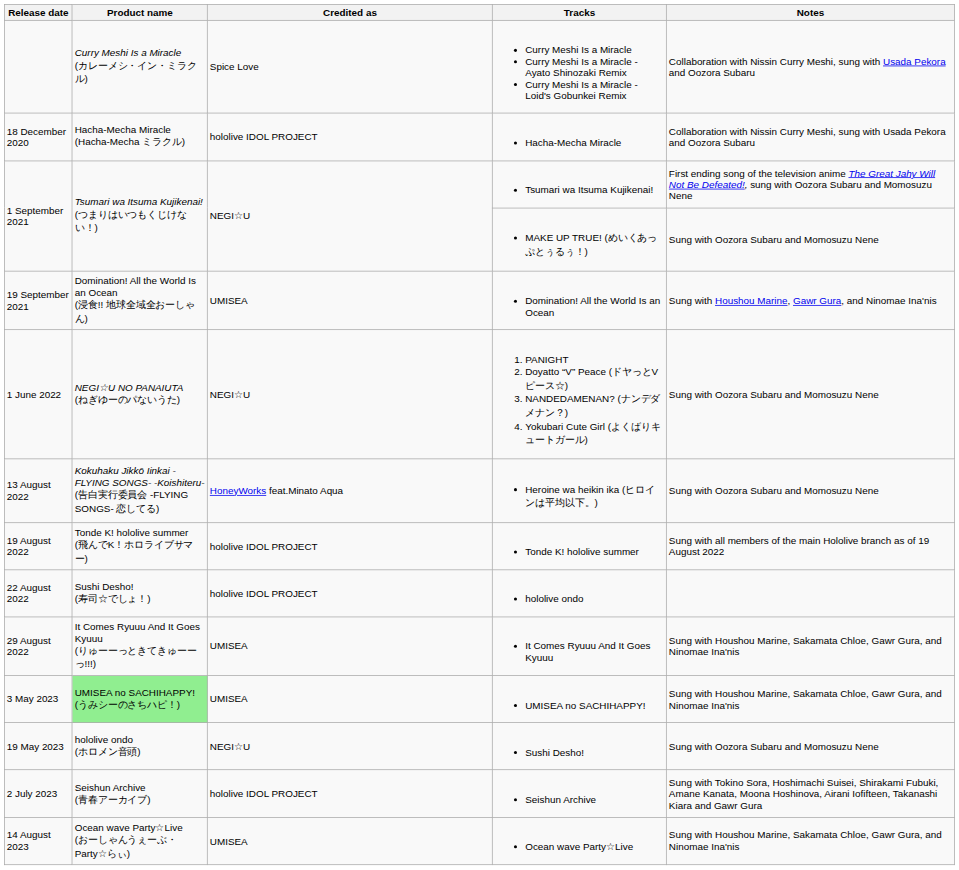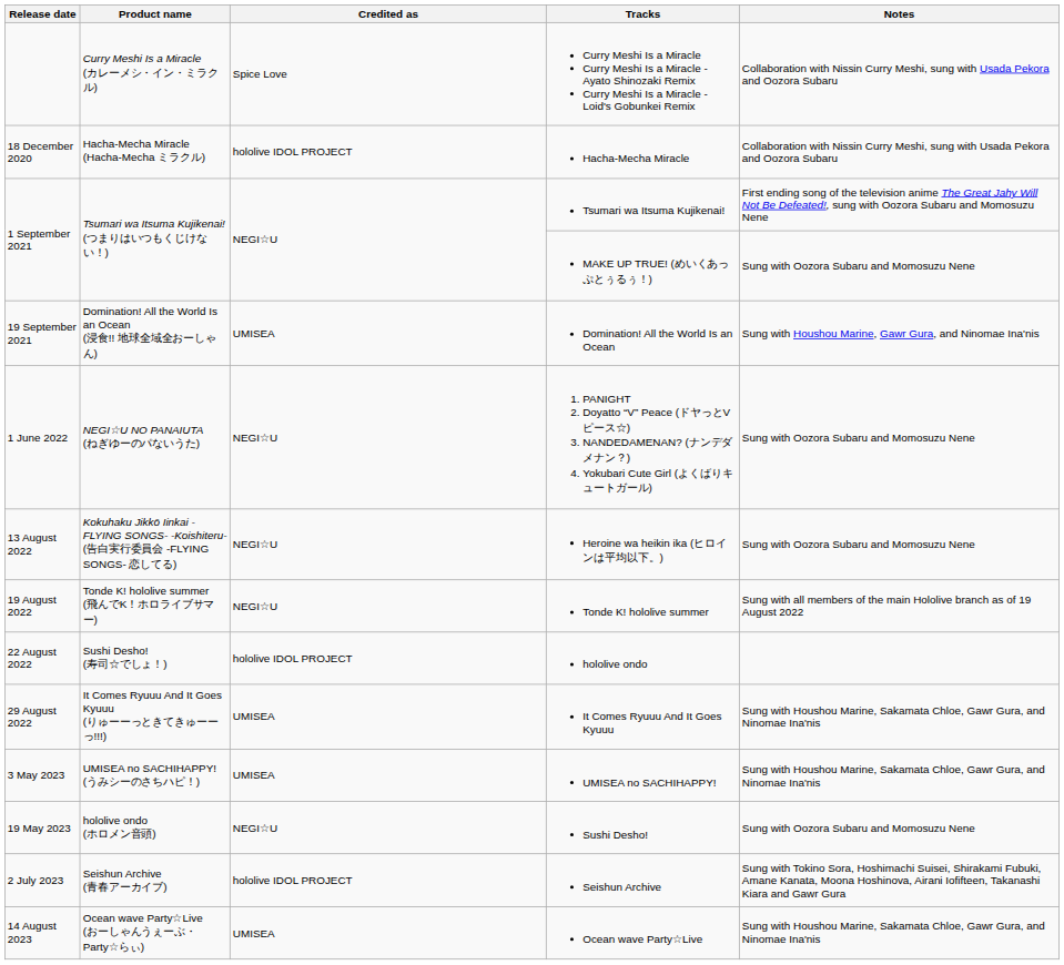 <table class="wikitable" style="font-size:small">
 <tr>
 <th>Release date</th>
 <th>Product name</th>
 <th style="width:30%;">Credited as</th>
 <th>Tracks</th>
 <th>Notes</th>
 </tr>
 <tr>
 <td></td>
 <td><em>Curry Meshi Is a Miracle</em><br>(カレーメシ・イン・ミラクル)</td>
 <td>Spice Love</td>
 <td><br><ul><li>Curry Meshi Is a Miracle</li><li>Curry Meshi Is a Miracle - Ayato Shinozaki Remix</li><li>Curry Meshi Is a Miracle - Loid's Gobunkei Remix</li></ul></td>
 <td>Collaboration with Nissin Curry Meshi, sung with <a href='#'>Usada Pekora</a> and Oozora Subaru</td>
 </tr>
 <tr>
 <td>18 December 2020</td>
 <td>Hacha-Mecha Miracle<br>(Hacha-Mecha ミラクル)</td>
 <td>hololive IDOL PROJECT</td>
 <td><br><ul><li>Hacha-Mecha Miracle</li></ul></td>
 <td>Collaboration with Nissin Curry Meshi, sung with Usada Pekora and Oozora Subaru</td>
 </tr>
 <tr>
 <td rowspan="2">1 September 2021</td>
 <td rowspan="2"><em>Tsumari wa Itsuma Kujikenai!</em><br>(つまりはいつもくじけない！)</td>
 <td rowspan="2">NEGI☆U</td>
 <td><br><ul><li>Tsumari wa Itsuma Kujikenai!</li></ul></td>
 <td>First ending song of the television anime <em><a href='#'>The Great Jahy Will Not Be Defeated!</a>,</em> sung with Oozora Subaru and Momosuzu Nene</td>
 </tr>
 <tr>
 <td><br><ul><li>MAKE UP TRUE!  (めいくあっぷとぅるぅ！)</li></ul></td>
 <td>Sung with Oozora Subaru and Momosuzu Nene</td>
 </tr>
 <tr>
 <td>19 September 2021</td>
 <td>Domination! All the World Is an Ocean<br>(浸食!! 地球全域全おーしゃん)</td>
 <td>UMISEA</td>
 <td><br><ul><li>Domination! All the World Is an Ocean</li></ul></td>
 <td>Sung with <a href='#'>Houshou Marine</a>, <a href='#'>Gawr Gura</a>, and Ninomae Ina'nis</td>
 </tr>
 <tr>
 <td>1 June 2022</td>
 <td><em>NEGI☆U NO PANAIUTA</em><br>(ねぎゆーのパないうた)</td>
 <td>NEGI☆U</td>
 <td><br><ol><li>PANIGHT</li><li>Doyatto “V” Peace (ドヤっとVピース☆)</li><li>NANDEDAMENAN? (ナンデダメナン？)</li><li>Yokubari Cute Girl (よくばりキュートガール)</li></ol></td>
 <td>Sung with Oozora Subaru and Momosuzu Nene</td>
 </tr>
 <tr>
 <td>13 August 2022</td>
 <td><em>Kokuhaku Jikkō Iinkai -FLYING SONGS- -Koishiteru-</em><br>(告白実行委員会 -FLYING SONGS- 恋してる)</td>
-<td><a href='#'>HoneyWorks</a> feat.Minato Aqua</td>
+<td>NEGI☆U</td>
 <td><br><ul><li>Heroine wa heikin ika  (ヒロインは平均以下。)</li></ul></td>
 <td>Sung with Oozora Subaru and Momosuzu Nene</td>
 </tr>
 <tr>
 <td>19 August 2022</td>
 <td>Tonde K! hololive summer<br>(飛んでK！ホロライブサマー)</td>
-<td>hololive IDOL PROJECT</td>
+<td>NEGI☆U</td>
 <td><br><ul><li>Tonde K! hololive summer</li></ul></td>
 <td>Sung with all members of the main Hololive branch as of 19 August 2022</td>
 </tr>
 <tr>
 <td>22 August 2022</td>
 <td>Sushi Desho!<br>(寿司☆でしょ！)</td>
 <td>hololive IDOL PROJECT</td>
 <td><br><ul><li>hololive ondo</li></ul></td>
 <td></td>
 </tr>
 <tr>
 <td>29 August 2022</td>
 <td>It Comes Ryuuu And It Goes Kyuuu<br>(りゅーーっときてきゅーーっ!!!)</td>
 <td>UMISEA</td>
 <td><br><ul><li>It Comes Ryuuu And It Goes Kyuuu</li></ul></td>
 <td>Sung with Houshou Marine, Sakamata Chloe, Gawr Gura, and Ninomae Ina'nis</td>
 </tr>
 <tr>
 <td>3 May 2023</td>
-<td style="background: lightgreen;">UMISEA no SACHIHAPPY!<br>(うみシーのさちハピ！)</td>
+<td>UMISEA no SACHIHAPPY!<br>(うみシーのさちハピ！)</td>
 <td>UMISEA</td>
 <td><br><ul><li>UMISEA no SACHIHAPPY!</li></ul></td>
 <td>Sung with Houshou Marine, Sakamata Chloe, Gawr Gura, and Ninomae Ina'nis</td>
 </tr>
 <tr>
 <td>19 May 2023</td>
 <td>hololive ondo<br>(ホロメン音頭)</td>
 <td>NEGI☆U</td>
 <td><br><ul><li>Sushi Desho!</li></ul></td>
 <td>Sung with Oozora Subaru and Momosuzu Nene</td>
 </tr>
 <tr>
 <td>2 July 2023</td>
 <td>Seishun Archive<br>(青春アーカイブ)</td>
 <td>hololive IDOL PROJECT</td>
 <td><br><ul><li>Seishun Archive</li></ul></td>
 <td>Sung with Tokino Sora, Hoshimachi Suisei, Shirakami Fubuki, Amane Kanata, Moona Hoshinova, Airani Iofifteen, Takanashi Kiara and Gawr Gura</td>
 </tr>
 <tr>
 <td>14 August 2023</td>
 <td>Ocean wave Party☆Live<br>(おーしゃんうぇーぶ・Party☆らぃ)</td>
 <td>UMISEA</td>
 <td><br><ul><li>Ocean wave Party☆Live</li></ul></td>
 <td>Sung with Houshou Marine, Sakamata Chloe, Gawr Gura, and Ninomae Ina'nis</td>
 </tr>
 </table>
